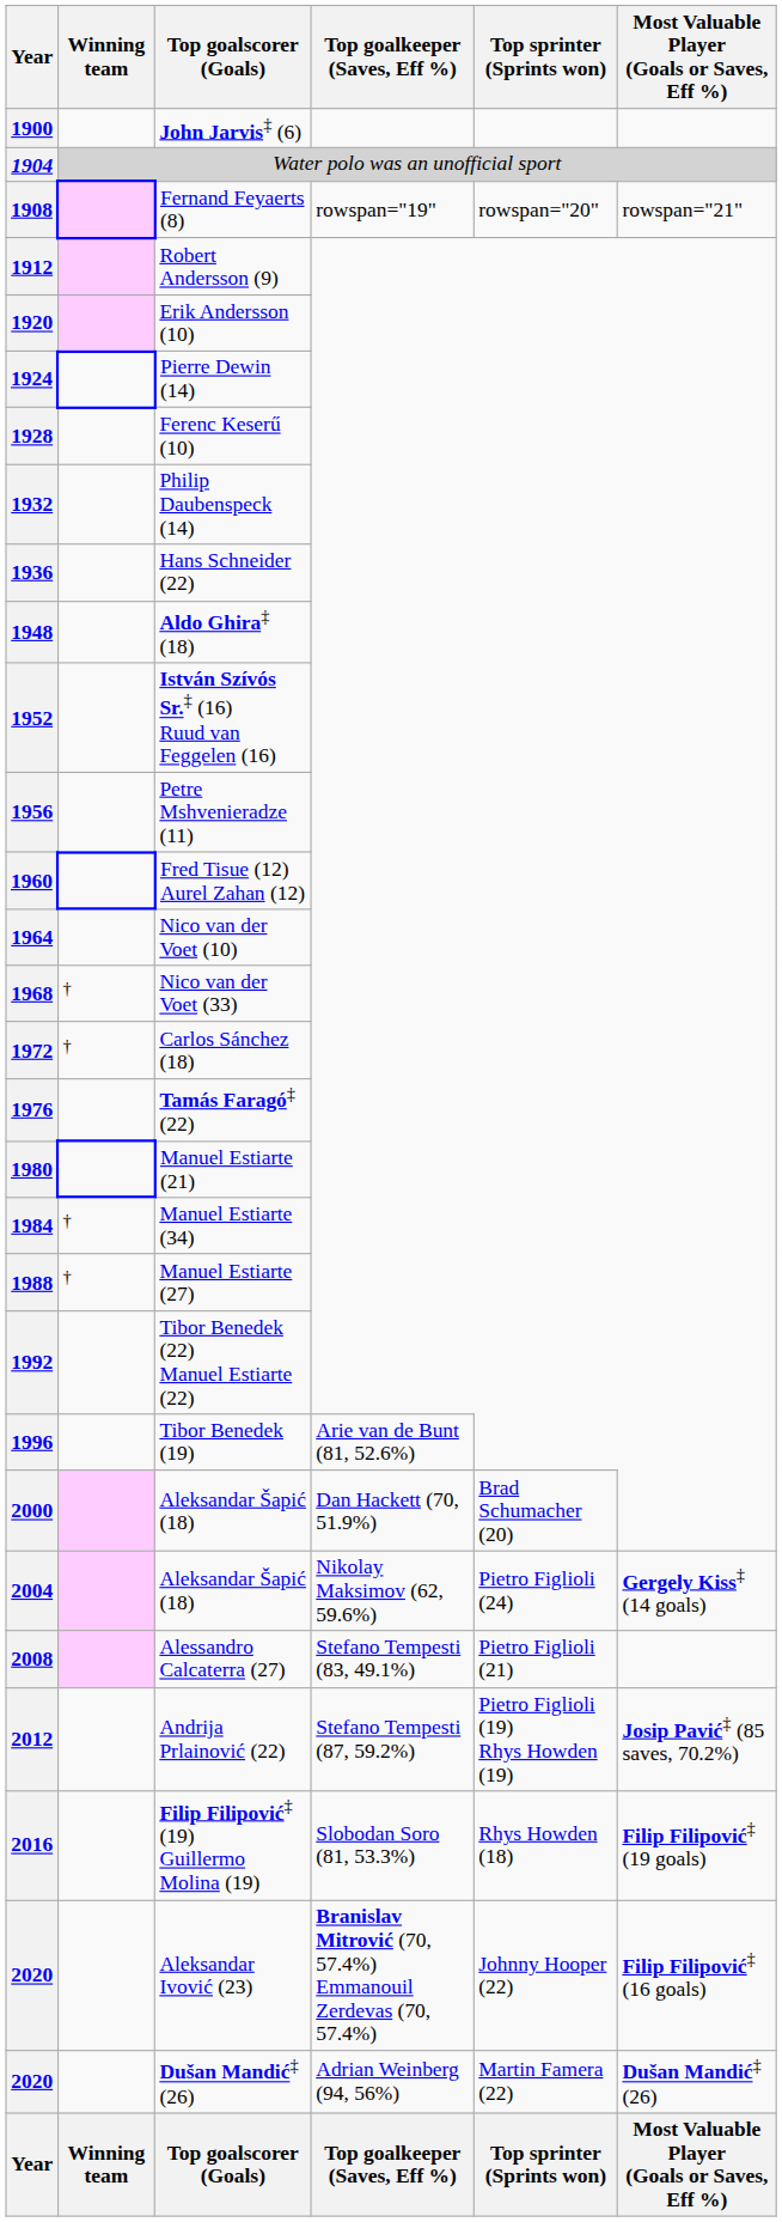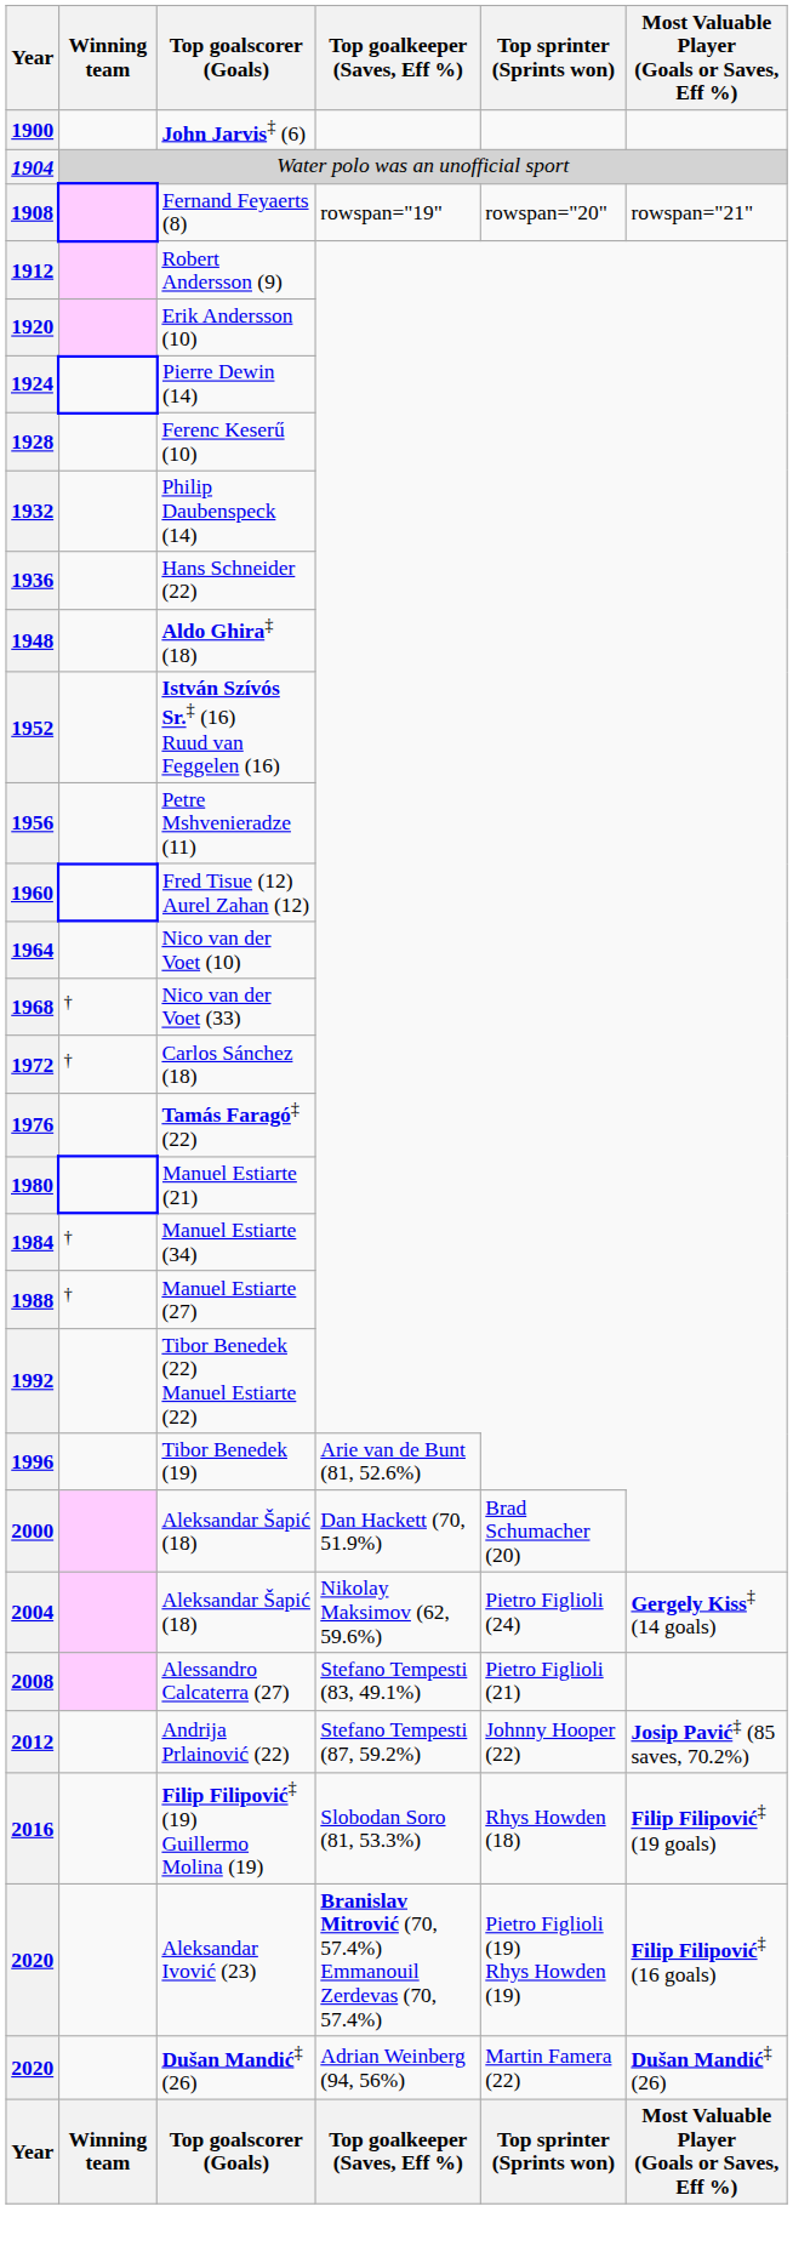 <table class="wikitable sortable sticky-header" style="text-align: left; margin-left: 1em;">
 <tr>
 <th scope="col">Year</th>
 <th scope="col">Winning team</th>
 <th scope="col">Top goalscorer<br>(Goals)</th>
 <th scope="col">Top goalkeeper<br>(Saves, Eff %)</th>
 <th scope="col">Top sprinter<br>(Sprints won)</th>
 <th scope="col">Most Valuable Player<br>(Goals or Saves, Eff %)</th>
 </tr>
 <tr>
 <th scope="row"><a href='#'>1900</a></th>
 <td></td>
 <td data-sort-value="6"> <strong><a href='#'>John Jarvis</a></strong><sup>‡</sup> (6)</td>
 <td></td>
 <td></td>
 <td></td>
 </tr>
 <tr>
 <th scope="row"><em><a href='#'>1904</a></em></th>
 <td colspan="6" style="background-color: lightgray; text-align: center;" data-sort-value="ZZZZZZ"><em>Water polo was an unofficial sport</em></td>
 </tr>
 <tr>
 <th scope="row"><a href='#'>1908</a></th>
 <td style="border: 2px solid blue; background-color: #ffccff;"></td>
 <td data-sort-value="8"> <a href='#'>Fernand Feyaerts</a> (8)</td>
 <td>rowspan="19" </td>
 <td>rowspan="20" </td>
 <td>rowspan="21" </td>
 </tr>
 <tr>
 <th scope="row"><a href='#'>1912</a></th>
 <td style="background-color: #ffccff;"></td>
 <td data-sort-value="9"> <a href='#'>Robert Andersson</a> (9)</td>
 </tr>
 <tr>
 <th scope="row"><a href='#'>1920</a></th>
 <td style="background-color: #ffccff;"></td>
 <td data-sort-value="10"> <a href='#'>Erik Andersson</a> (10)</td>
 </tr>
 <tr>
 <th scope="row"><a href='#'>1924</a></th>
 <td style="border: 2px solid blue;"></td>
 <td data-sort-value="14"> <a href='#'>Pierre Dewin</a> (14)</td>
 </tr>
 <tr>
 <th scope="row"><a href='#'>1928</a></th>
 <td></td>
 <td data-sort-value="10"> <a href='#'>Ferenc Keserű</a> (10)</td>
 </tr>
 <tr>
 <th scope="row"><a href='#'>1932</a></th>
 <td></td>
 <td data-sort-value="14"> <a href='#'>Philip Daubenspeck</a> (14)</td>
 </tr>
 <tr>
 <th scope="row"><a href='#'>1936</a></th>
 <td></td>
 <td data-sort-value="22"> <a href='#'>Hans Schneider</a> (22)</td>
 </tr>
 <tr>
 <th scope="row"><a href='#'>1948</a></th>
 <td></td>
 <td data-sort-value="18"><strong> <a href='#'>Aldo Ghira</a></strong><sup>‡</sup> (18)</td>
 </tr>
 <tr>
 <th scope="row"><a href='#'>1952</a></th>
 <td></td>
 <td data-sort-value="16"> <strong><a href='#'>István Szívós Sr.</a></strong><sup>‡</sup> (16)<br> <a href='#'>Ruud van Feggelen</a> (16)</td>
 </tr>
 <tr>
 <th scope="row"><a href='#'>1956</a></th>
 <td></td>
 <td data-sort-value="11"> <a href='#'>Petre Mshvenieradze</a> (11)</td>
 </tr>
 <tr>
 <th scope="row"><a href='#'>1960</a></th>
 <td style="border: 2px solid blue;"></td>
 <td data-sort-value="12"> <a href='#'>Fred Tisue</a> (12)<br> <a href='#'>Aurel Zahan</a> (12)</td>
 </tr>
 <tr>
 <th scope="row"><a href='#'>1964</a></th>
 <td></td>
 <td data-sort-value="10"> <a href='#'>Nico van der Voet</a> (10)</td>
 </tr>
 <tr>
 <th scope="row"><a href='#'>1968</a></th>
 <td><em></em><sup>†</sup></td>
 <td data-sort-value="33"> <a href='#'>Nico van der Voet</a> (33)</td>
 </tr>
 <tr>
 <th scope="row"><a href='#'>1972</a></th>
 <td><em></em><sup>†</sup></td>
 <td data-sort-value="18"> <a href='#'>Carlos Sánchez</a> (18)</td>
 </tr>
 <tr>
 <th scope="row"><a href='#'>1976</a></th>
 <td></td>
 <td data-sort-value="22"> <strong><a href='#'>Tamás Faragó</a></strong><sup>‡</sup> (22)</td>
 </tr>
 <tr>
 <th scope="row"><a href='#'>1980</a></th>
 <td style="border: 2px solid blue;"></td>
 <td data-sort-value="21"> <a href='#'>Manuel Estiarte</a> (21)</td>
 </tr>
 <tr>
 <th scope="row"><a href='#'>1984</a></th>
 <td><em></em><sup>†</sup></td>
 <td data-sort-value="34"> <a href='#'>Manuel Estiarte</a> (34)</td>
 </tr>
 <tr>
 <th scope="row"><a href='#'>1988</a></th>
 <td><em></em><sup>†</sup></td>
 <td data-sort-value="27"> <a href='#'>Manuel Estiarte</a> (27)</td>
 </tr>
 <tr>
 <th scope="row"><a href='#'>1992</a></th>
 <td></td>
 <td data-sort-value="22"> <a href='#'>Tibor Benedek</a> (22)<br> <a href='#'>Manuel Estiarte</a> (22)</td>
 </tr>
 <tr>
 <th scope="row"><a href='#'>1996</a></th>
 <td></td>
 <td data-sort-value="19"> <a href='#'>Tibor Benedek</a> (19)</td>
 <td data-sort-value="81"> <a href='#'>Arie van de Bunt</a> (81, 52.6%)</td>
 </tr>
 <tr>
 <th scope="row"><a href='#'>2000</a></th>
 <td style="background-color: #ffccff;"></td>
 <td data-sort-value="18"> <a href='#'>Aleksandar Šapić</a> (18)</td>
 <td data-sort-value="70"> <a href='#'>Dan Hackett</a> (70, 51.9%)</td>
 <td data-sort-value="20"> <a href='#'>Brad Schumacher</a> (20)</td>
 </tr>
 <tr>
 <th scope="row"><a href='#'>2004</a></th>
 <td style="background-color: #ffccff;"></td>
 <td data-sort-value="18"> <a href='#'>Aleksandar Šapić</a> (18)</td>
 <td data-sort-value="62"> <a href='#'>Nikolay Maksimov</a> (62, 59.6%)</td>
 <td data-sort-value="24"> <a href='#'>Pietro Figlioli</a> (24)</td>
 <td data-sort-value="Kiss, Gergely"> <strong><a href='#'>Gergely Kiss</a></strong><sup>‡</sup> (14 goals)</td>
 </tr>
 <tr>
 <th scope="row"><a href='#'>2008</a></th>
 <td style="background-color: #ffccff;"></td>
 <td data-sort-value="27"> <a href='#'>Alessandro Calcaterra</a> (27)</td>
 <td data-sort-value="83"> <a href='#'>Stefano Tempesti</a> (83, 49.1%)</td>
 <td data-sort-value="21"> <a href='#'>Pietro Figlioli</a> (21)</td>
 <td></td>
 </tr>
 <tr>
 <th scope="row"><a href='#'>2012</a></th>
 <td></td>
 <td data-sort-value="22"> <a href='#'>Andrija Prlainović</a> (22)</td>
 <td data-sort-value="87"> <a href='#'>Stefano Tempesti</a> (87, 59.2%)</td>
-<td data-sort-value="19"> <a href='#'>Pietro Figlioli</a> (19)<br> <a href='#'>Rhys Howden</a> (19)</td>
+<td data-sort-value="22"> <a href='#'>Johnny Hooper</a> (22)</td>
 <td data-sort-value="Pavić, Josip"> <strong><a href='#'>Josip Pavić</a></strong><sup>‡</sup> (85 saves, 70.2%)</td>
 </tr>
 <tr>
 <th scope="row"><a href='#'>2016</a></th>
 <td></td>
 <td data-sort-value="19"> <strong><a href='#'>Filip Filipović</a></strong><sup>‡</sup> (19)<br> <a href='#'>Guillermo Molina</a> (19)</td>
 <td data-sort-value="81"> <a href='#'>Slobodan Soro</a> (81, 53.3%)</td>
 <td data-sort-value="18"> <a href='#'>Rhys Howden</a> (18)</td>
 <td data-sort-value="Filipović, Filip"> <strong><a href='#'>Filip Filipović</a></strong><sup>‡</sup> (19 goals)</td>
 </tr>
 <tr>
 <th scope="row"><a href='#'>2020</a></th>
 <td></td>
 <td data-sort-value="23"> <a href='#'>Aleksandar Ivović</a> (23)</td>
 <td data-sort-value="70"> <strong><a href='#'>Branislav Mitrović</a></strong> (70, 57.4%)<br> <a href='#'>Emmanouil Zerdevas</a> (70, 57.4%)</td>
-<td data-sort-value="22"> <a href='#'>Johnny Hooper</a> (22)</td>
+<td data-sort-value="19"> <a href='#'>Pietro Figlioli</a> (19)<br> <a href='#'>Rhys Howden</a> (19)</td>
 <td data-sort-value="Filipović, Filip"> <strong><a href='#'>Filip Filipović</a></strong><sup>‡</sup> (16 goals)</td>
 </tr>
 <tr>
 <th scope="row"><a href='#'>2020</a></th>
 <td></td>
 <td data-sort-value="26"> <strong><a href='#'>Dušan Mandić</a></strong><sup>‡</sup> (26)</td>
 <td data-sort-value="94"> <a href='#'>Adrian Weinberg</a> (94, 56%)</td>
 <td data-sort-value="22"> <a href='#'>Martin Famera</a> (22)</td>
 <td data-sort-value="Mandić, Dusan"> <strong><a href='#'>Dušan Mandić</a></strong><sup>‡</sup> (26)</td>
 </tr>
 <tr class="sortbottom">
 <th>Year</th>
 <th>Winning team</th>
 <th>Top goalscorer<br>(Goals)</th>
 <th>Top goalkeeper<br>(Saves, Eff %)</th>
 <th>Top sprinter<br>(Sprints won)</th>
 <th>Most Valuable Player<br>(Goals or Saves, Eff %)</th>
 </tr>
 </table>
